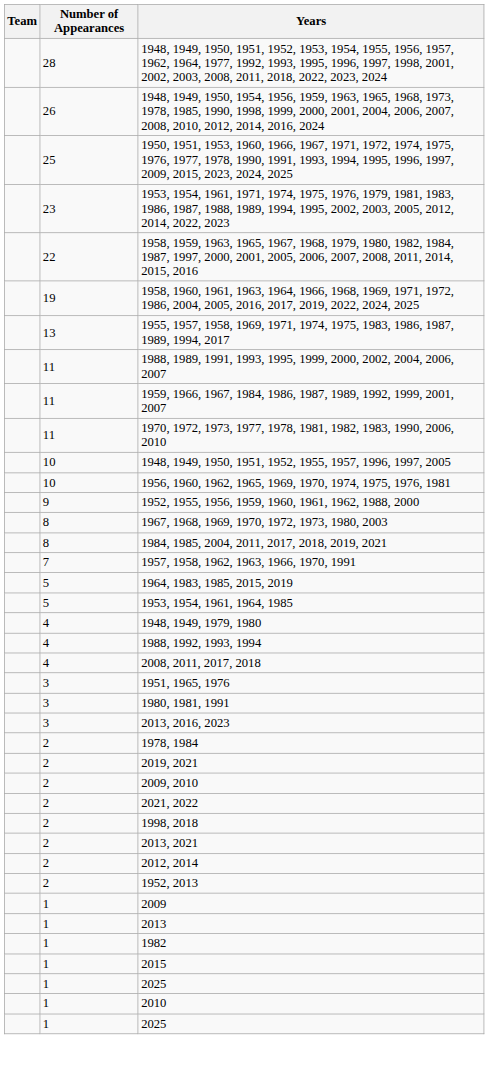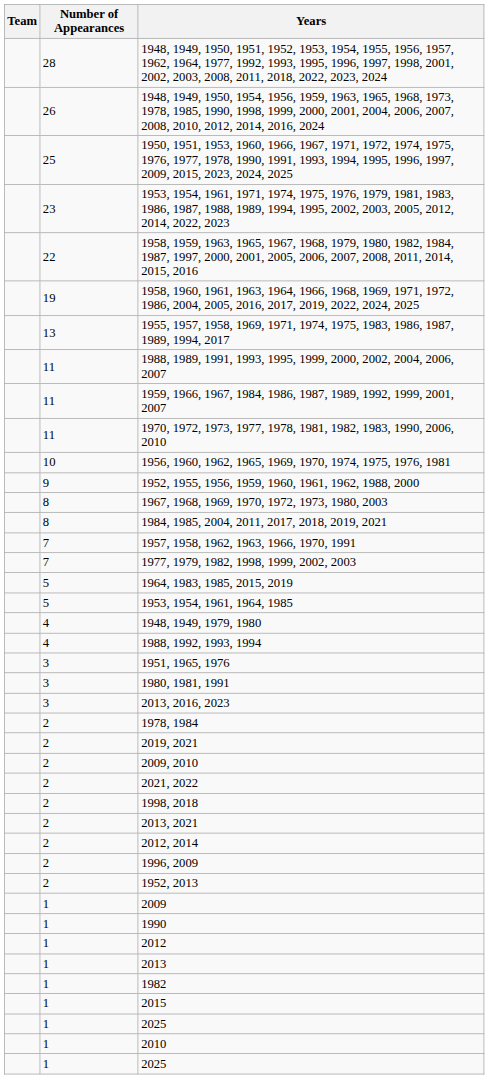 <table class="wikitable sortable">
 <tr>
 <th>Team</th>
 <th>Number of Appearances</th>
 <th class="unsortable">Years</th>
 </tr>
 <tr>
 <td align=center><strong><a href='#'></a></strong></td>
 <td>28</td>
 <td>1948, 1949, 1950, 1951, 1952, 1953, 1954, 1955, 1956, 1957, 1962, 1964, 1977, 1992, 1993, 1995, 1996, 1997, 1998, 2001, 2002, 2003, 2008, 2011, 2018, 2022, 2023, 2024</td>
 </tr>
 <tr>
 <td align=center><strong><a href='#'></a></strong></td>
 <td>26</td>
 <td>1948, 1949, 1950, 1954, 1956, 1959, 1963, 1965, 1968, 1973, 1978, 1985, 1990, 1998, 1999, 2000, 2001, 2004, 2006, 2007, 2008, 2010, 2012, 2014, 2016, 2024</td>
 </tr>
 <tr>
 <td align=center><strong><a href='#'></a></strong></td>
 <td>25</td>
 <td>1950, 1951, 1953, 1960, 1966, 1967, 1971, 1972, 1974, 1975, 1976, 1977, 1978, 1990, 1991, 1993, 1994, 1995, 1996, 1997, 2009, 2015, 2023, 2024, 2025</td>
 </tr>
 <tr>
 <td align=center><strong><a href='#'></a></strong></td>
 <td>23</td>
 <td>1953, 1954, 1961, 1971, 1974, 1975, 1976, 1979, 1981, 1983, 1986, 1987, 1988, 1989, 1994, 1995, 2002, 2003, 2005, 2012, 2014, 2022, 2023</td>
 </tr>
 <tr>
 <td align=center><strong><a href='#'></a></strong></td>
 <td>22</td>
 <td>1958, 1959, 1963, 1965, 1967, 1968, 1979, 1980, 1982, 1984, 1987, 1997, 2000, 2001, 2005, 2006, 2007, 2008, 2011, 2014, 2015, 2016</td>
 </tr>
 <tr>
 <td align=center><strong><a href='#'></a></strong></td>
 <td>19</td>
 <td>1958, 1960, 1961, 1963, 1964, 1966, 1968, 1969, 1971, 1972, 1986, 2004, 2005, 2016, 2017, 2019, 2022, 2024, 2025</td>
 </tr>
 <tr>
 <td align=center><strong><a href='#'></a></strong></td>
 <td>13</td>
 <td>1955, 1957, 1958, 1969, 1971, 1974, 1975, 1983, 1986, 1987, 1989, 1994, 2017</td>
 </tr>
 <tr>
 <td align=center><strong><a href='#'></a></strong></td>
 <td>11</td>
 <td>1988, 1989, 1991, 1993, 1995, 1999, 2000, 2002, 2004, 2006, 2007</td>
 </tr>
 <tr>
 <td align=center><strong><a href='#'></a></strong></td>
 <td>11</td>
 <td>1959, 1966, 1967, 1984, 1986, 1987, 1989, 1992, 1999, 2001, 2007</td>
 </tr>
 <tr>
 <td align=center><strong><a href='#'></a></strong></td>
 <td>11</td>
 <td>1970, 1972, 1973, 1977, 1978, 1981, 1982, 1983, 1990, 2006, 2010</td>
 </tr>
 <tr>
 <td align=center><strong><a href='#'></a></strong></td>
 <td>10</td>
-<td>1948, 1949, 1950, 1951, 1952, 1955, 1957, 1996, 1997, 2005</td>
-</tr>
-<tr>
-<td align=center><strong><a href='#'></a></strong></td>
-<td>10</td>
 <td>1956, 1960, 1962, 1965, 1969, 1970, 1974, 1975, 1976, 1981</td>
 </tr>
 <tr>
 <td align=center><strong><a href='#'></a></strong></td>
 <td>9</td>
 <td>1952, 1955, 1956, 1959, 1960, 1961, 1962, 1988, 2000</td>
 </tr>
 <tr>
 <td align=center><strong><a href='#'></a></strong></td>
 <td>8</td>
 <td>1967, 1968, 1969, 1970, 1972, 1973, 1980, 2003</td>
 </tr>
 <tr>
 <td align=center><strong><a href='#'></a></strong></td>
 <td>8</td>
 <td>1984, 1985, 2004, 2011, 2017, 2018, 2019, 2021</td>
 </tr>
 <tr>
 <td align=center><strong><a href='#'></a></strong></td>
 <td>7</td>
 <td>1957, 1958, 1962, 1963, 1966, 1970, 1991</td>
 </tr>
 <tr>
 <td align=center><strong><a href='#'></a></strong></td>
+<td>7</td>
+<td>1977, 1979, 1982, 1998, 1999, 2002, 2003</td>
+</tr>
+<tr>
+<td align=center><strong><a href='#'></a></strong></td>
 <td>5</td>
 <td>1964, 1983, 1985, 2015, 2019</td>
 </tr>
 <tr>
 <td align=center><strong><a href='#'></a></strong></td>
 <td>5</td>
 <td>1953, 1954, 1961, 1964, 1985</td>
 </tr>
 <tr>
 <td align=center><strong><a href='#'></a></strong></td>
 <td>4</td>
 <td>1948, 1949, 1979, 1980</td>
 </tr>
 <tr>
 <td align=center><strong><a href='#'></a></strong></td>
 <td>4</td>
 <td>1988, 1992, 1993, 1994</td>
-</tr>
-<tr>
-<td align=center><strong><a href='#'></a></strong></td>
-<td>4</td>
-<td>2008, 2011, 2017, 2018</td>
 </tr>
 <tr>
 <td align=center><strong><a href='#'></a></strong></td>
 <td>3</td>
 <td>1951, 1965, 1976</td>
 </tr>
 <tr>
 <td align=center><strong><a href='#'></a></strong></td>
 <td>3</td>
 <td>1980, 1981, 1991</td>
 </tr>
 <tr>
 <td align=center><strong><a href='#'></a></strong></td>
 <td>3</td>
 <td>2013, 2016, 2023</td>
 </tr>
 <tr>
 <td align=center><strong><a href='#'></a></strong></td>
 <td>2</td>
 <td>1978, 1984</td>
 </tr>
 <tr>
 <td align=center><strong><a href='#'></a></strong></td>
 <td>2</td>
 <td>2019, 2021</td>
 </tr>
 <tr>
 <td align=center><strong><a href='#'></a></strong></td>
 <td>2</td>
 <td>2009, 2010</td>
 </tr>
 <tr>
 <td align=center><strong><a href='#'></a></strong></td>
 <td>2</td>
 <td>2021, 2022</td>
 </tr>
 <tr>
 <td align=center><strong><a href='#'></a></strong></td>
 <td>2</td>
 <td>1998, 2018</td>
 </tr>
 <tr>
 <td align=center><strong><a href='#'></a></strong></td>
 <td>2</td>
 <td>2013, 2021</td>
 </tr>
 <tr>
 <td align=center><strong><a href='#'></a></strong></td>
 <td>2</td>
 <td>2012, 2014</td>
 </tr>
 <tr>
 <td align=center><strong><a href='#'></a></strong></td>
 <td>2</td>
+<td>1996, 2009</td>
+</tr>
+<tr>
+<td align=center><strong><a href='#'></a></strong></td>
+<td>2</td>
 <td>1952, 2013</td>
 </tr>
 <tr>
 <td align=center><strong><a href='#'></a></strong></td>
 <td>1</td>
 <td>2009</td>
+</tr>
+<tr>
+<td align=center><strong><a href='#'></a></strong></td>
+<td>1</td>
+<td>1990</td>
+</tr>
+<tr>
+<td align=center><strong><a href='#'></a></strong></td>
+<td>1</td>
+<td>2012</td>
 </tr>
 <tr>
 <td align=center><strong><a href='#'></a></strong></td>
 <td>1</td>
 <td>2013</td>
 </tr>
 <tr>
 <td align=center><strong><a href='#'></a></strong></td>
 <td>1</td>
 <td>1982</td>
 </tr>
 <tr>
 <td align=center><strong><a href='#'></a></strong></td>
 <td>1</td>
 <td>2015</td>
 </tr>
 <tr>
 <td align=center><strong><a href='#'></a></strong></td>
 <td>1</td>
 <td>2025</td>
 </tr>
 <tr>
 <td align=center><strong><a href='#'></a></strong></td>
 <td>1</td>
 <td>2010</td>
 </tr>
 <tr>
 <td align=center><strong><a href='#'></a></strong></td>
 <td>1</td>
 <td>2025</td>
 </tr>
 </table>
